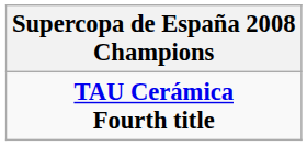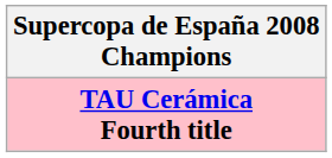 <table class=wikitable style="text-align:center; margin:auto">
 <tr>
 <th>Supercopa de España 2008 <br> Champions</th>
 </tr>
 <tr>
-<td><strong><a href='#'>TAU Cerámica</a></strong> <br> <strong>Fourth title</strong></td>
+<td style="background: pink;"><strong><a href='#'>TAU Cerámica</a></strong> <br> <strong>Fourth title</strong></td>
 </tr>
 </table>
